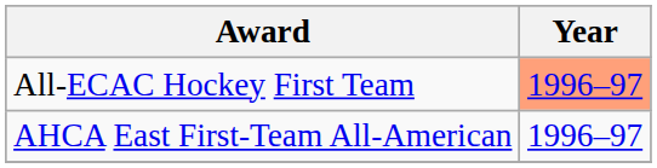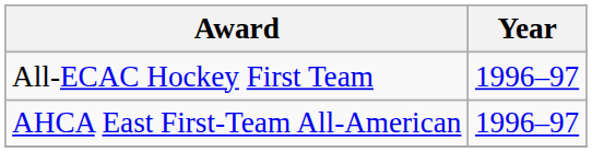 <table class="wikitable">
 <tr>
 <th>Award</th>
 <th>Year</th>
 </tr>
 <tr>
 <td>All-<a href='#'>ECAC Hockey</a> <a href='#'>First Team</a></td>
-<td style="background: lightsalmon;"><a href='#'>1996–97</a></td>
+<td><a href='#'>1996–97</a></td>
 </tr>
 <tr>
 <td><a href='#'>AHCA</a> <a href='#'>East First-Team All-American</a></td>
 <td><a href='#'>1996–97</a></td>
 </tr>
 <tr>
 </tr>
 </table>
